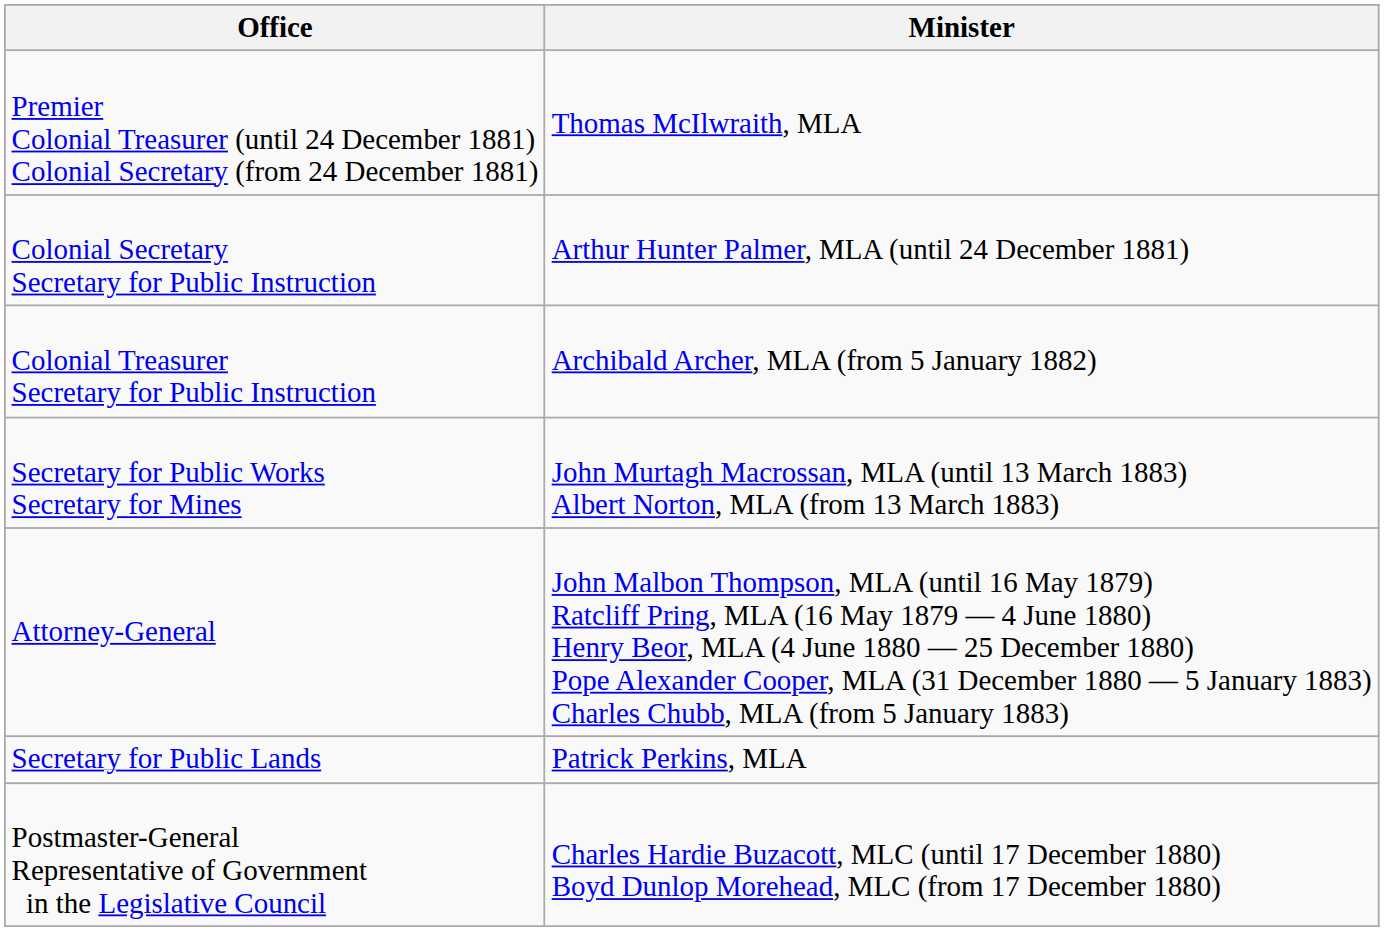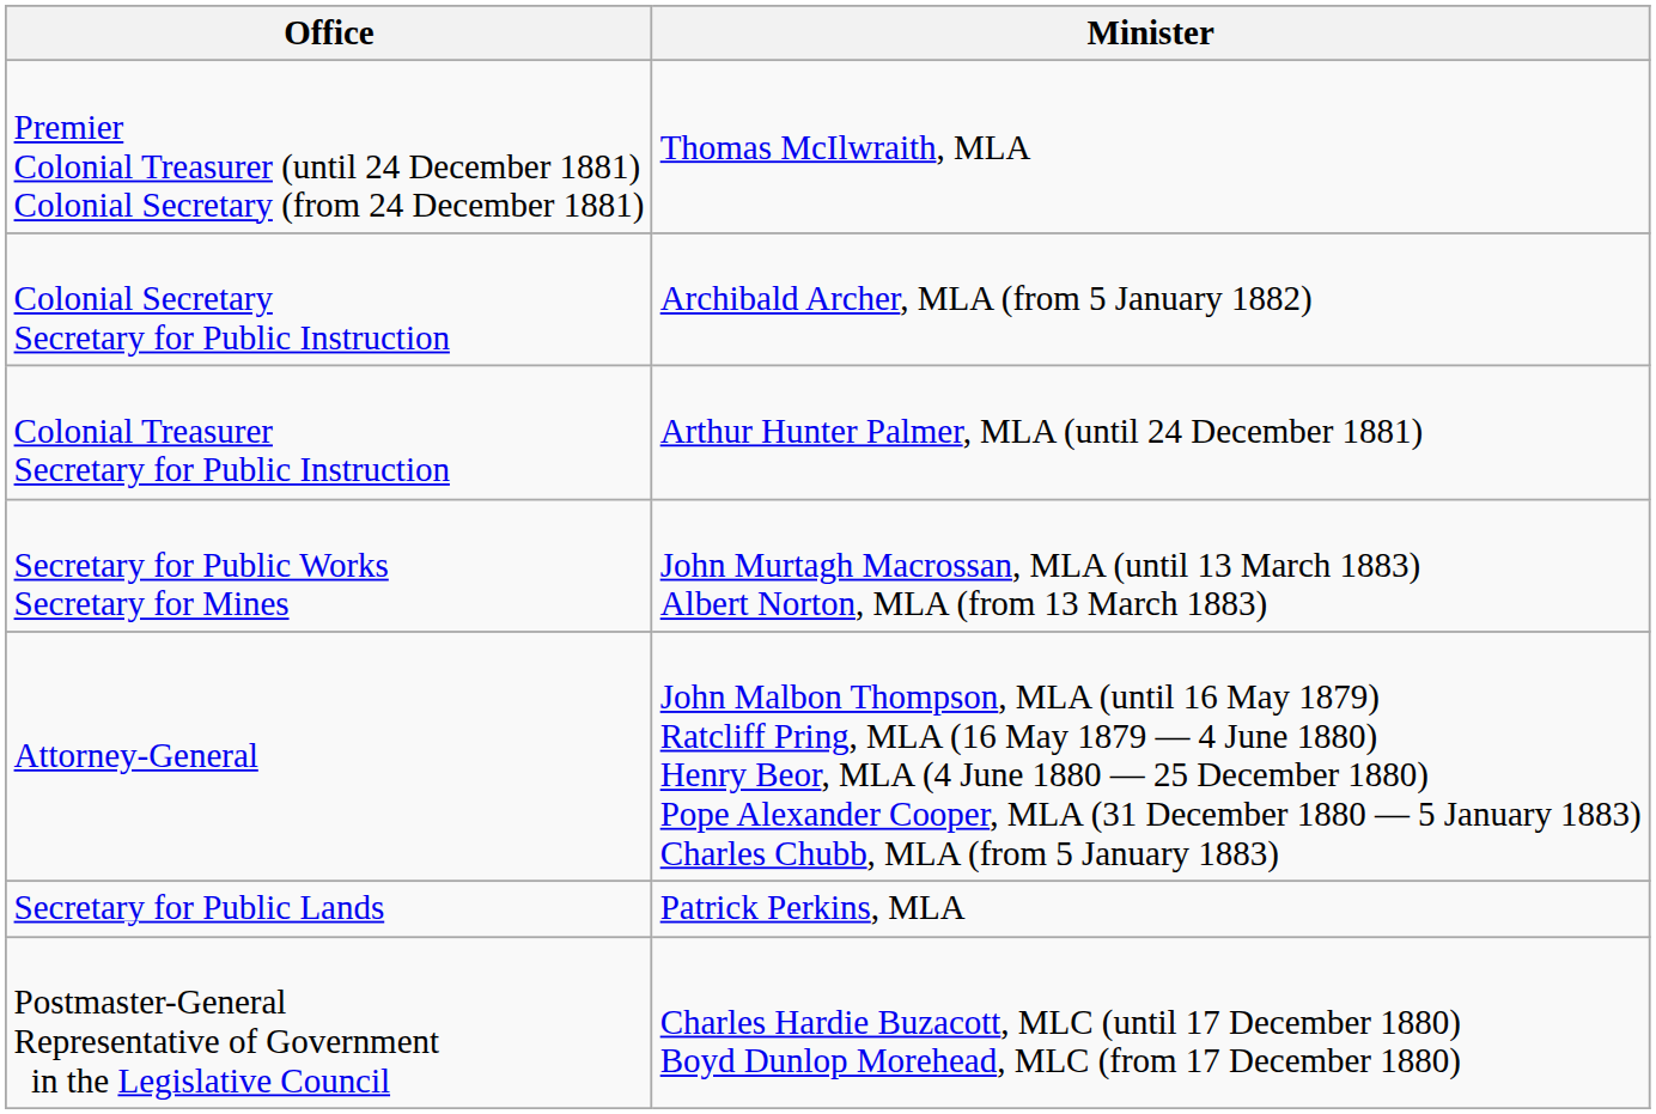 <table class="wikitable">
 <tr>
 <th>Office</th>
 <th>Minister</th>
 </tr>
 <tr>
 <td><br><a href='#'>Premier</a><br> <a href='#'>Colonial Treasurer</a> (until 24 December 1881)<br> <a href='#'>Colonial Secretary</a> (from 24 December 1881)</td>
 <td><a href='#'>Thomas McIlwraith</a>, MLA</td>
 </tr>
 <tr>
 <td><br><a href='#'>Colonial Secretary</a><br> <a href='#'>Secretary for Public Instruction</a></td>
-<td><a href='#'>Arthur Hunter Palmer</a>, MLA (until 24 December 1881)</td>
+<td><a href='#'>Archibald Archer</a>, MLA (from 5 January 1882)</td>
 </tr>
 <tr>
 <td><br><a href='#'>Colonial Treasurer</a><br> <a href='#'>Secretary for Public Instruction</a></td>
-<td><a href='#'>Archibald Archer</a>, MLA (from 5 January 1882)</td>
+<td><a href='#'>Arthur Hunter Palmer</a>, MLA (until 24 December 1881)</td>
 </tr>
 <tr>
 <td><br><a href='#'>Secretary for Public Works</a><br> <a href='#'>Secretary for Mines</a></td>
 <td><br><a href='#'>John Murtagh Macrossan</a>, MLA (until 13 March 1883)<br> <a href='#'>Albert Norton</a>, MLA (from 13 March 1883)</td>
 </tr>
 <tr>
 <td><a href='#'>Attorney-General</a></td>
 <td><br><a href='#'>John Malbon Thompson</a>, MLA (until 16 May 1879)<br> <a href='#'>Ratcliff Pring</a>, MLA (16 May 1879 — 4 June 1880)<br> <a href='#'>Henry Beor</a>, MLA (4 June 1880 — 25 December 1880)<br> <a href='#'>Pope Alexander Cooper</a>, MLA (31 December 1880 — 5 January 1883)<br> <a href='#'>Charles Chubb</a>, MLA (from 5 January 1883)</td>
 </tr>
 <tr>
 <td><a href='#'>Secretary for Public Lands</a></td>
 <td><a href='#'>Patrick Perkins</a>, MLA</td>
 </tr>
 <tr>
 <td><br>Postmaster-General<br> Representative of Government<br>  in the <a href='#'>Legislative Council</a></td>
 <td><br><a href='#'>Charles Hardie Buzacott</a>, MLC (until 17 December 1880)<br> <a href='#'>Boyd Dunlop Morehead</a>, MLC (from 17 December 1880)</td>
 </tr>
 </table>
